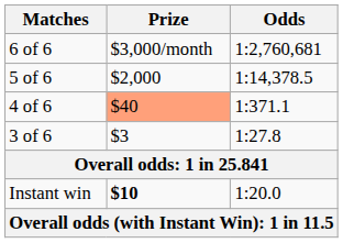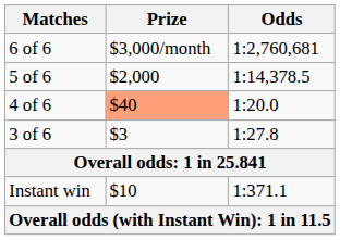 <table class="wikitable">
 <tr>
 <th>Matches</th>
 <th>Prize</th>
 <th>Odds</th>
 </tr>
 <tr>
 <td>6 of 6</td>
 <td>$3,000/month</td>
 <td>1:2,760,681</td>
 </tr>
 <tr>
 <td>5 of 6</td>
 <td>$2,000</td>
 <td>1:14,378.5</td>
 </tr>
 <tr>
 <td>4 of 6</td>
 <td style="background: lightsalmon;">$40</td>
-<td>1:371.1</td>
+<td>1:20.0</td>
 </tr>
 <tr>
 <td>3 of 6</td>
 <td>$3</td>
 <td>1:27.8</td>
 </tr>
 <tr>
 <th colspan="4">Overall odds: 1 in 25.841</th>
 </tr>
 <tr>
 <td>Instant win</td>
-<td><strong>$10</strong></td>
-<td>1:20.0</td>
+<td>$10</td>
+<td>1:371.1</td>
 </tr>
 <tr>
 <th colspan="4">Overall odds (with Instant Win): 1 in 11.5</th>
 </tr>
 </table>
